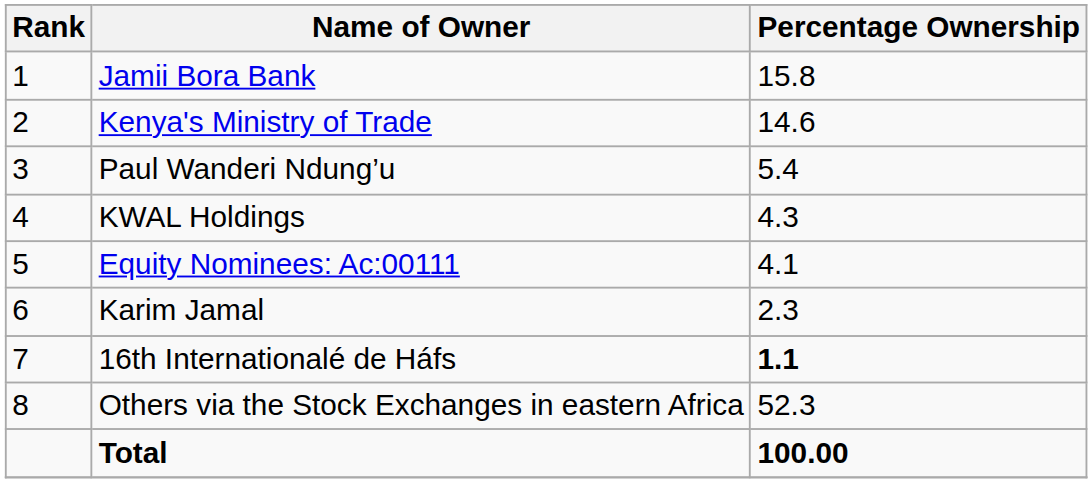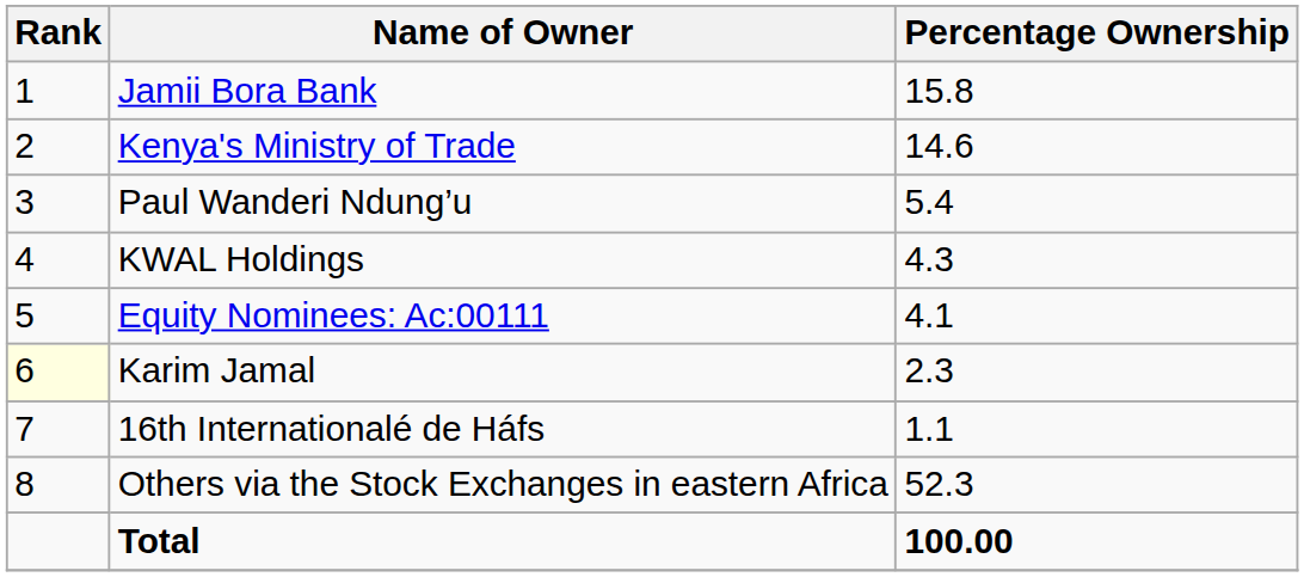 <table class="wikitable sortable" style="margin-left:auto;margin-right:auto">
 <tr>
 <th style="width:2em;">Rank</th>
 <th>Name of Owner</th>
 <th>Percentage Ownership</th>
 </tr>
 <tr>
 <td>1</td>
 <td><a href='#'>Jamii Bora Bank</a></td>
 <td>15.8</td>
 </tr>
 <tr>
 <td>2</td>
 <td><a href='#'>Kenya's Ministry of Trade</a></td>
 <td>14.6</td>
 </tr>
 <tr>
 <td>3</td>
 <td>Paul Wanderi Ndung’u</td>
 <td>5.4</td>
 </tr>
 <tr>
 <td>4</td>
 <td>KWAL Holdings</td>
 <td>4.3</td>
 </tr>
 <tr>
 <td>5</td>
 <td><a href='#'>Equity Nominees: Ac:00111</a></td>
 <td>4.1</td>
 </tr>
 <tr>
-<td>6</td>
+<td style="background: lightyellow;">6</td>
 <td>Karim Jamal</td>
 <td>2.3</td>
 </tr>
 <tr>
 <td>7</td>
 <td>16th Internationalé de Háfs</td>
-<td><strong>1.1</strong></td>
+<td>1.1</td>
 </tr>
 <tr>
 <td>8</td>
 <td>Others via the Stock Exchanges in eastern Africa</td>
 <td>52.3</td>
 </tr>
 <tr>
 <td></td>
 <td><strong>Total</strong></td>
 <td><strong>100.00</strong></td>
 </tr>
 <tr>
 </tr>
 </table>
